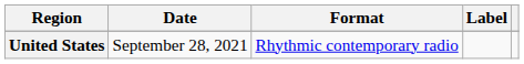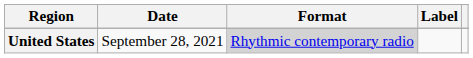 <table class="wikitable plainrowheaders">
 <tr>
 <th scope="col">Region</th>
 <th scope="col">Date</th>
 <th scope="col">Format</th>
 <th scope="col">Label</th>
 <th scope="col"></th>
 </tr>
 <tr>
 </tr>
 <tr>
 <th scope="row">United States</th>
 <td>September 28, 2021</td>
-<td><a href='#'>Rhythmic contemporary radio</a></td>
+<td style="background: lightgrey;"><a href='#'>Rhythmic contemporary radio</a></td>
 <td></td>
 <td></td>
 </tr>
 </table>
